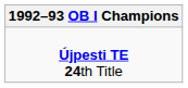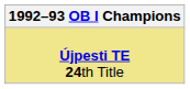 <table class=wikitable style="text-align:center; margin:auto">
 <tr>
 <th>1992–93 <a href='#'>OB I</a> Champions</th>
 </tr>
 <tr>
-<td><br><strong><a href='#'>Újpesti TE</a></strong><br><strong>24</strong>th Title</td>
+<td style="background: khaki;"><br><strong><a href='#'>Újpesti TE</a></strong><br><strong>24</strong>th Title</td>
 </tr>
 </table>
